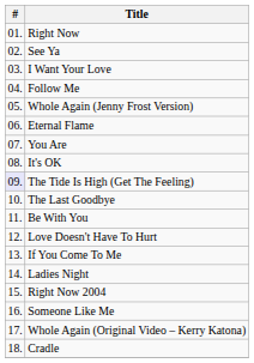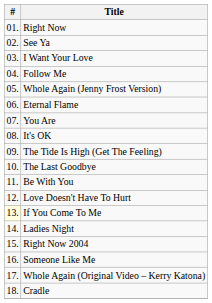 <table class="wikitable">
 <tr>
 <th bgcolor="#ebf5ff">#</th>
 <th bgcolor="#ebf5ff">Title</th>
 </tr>
 <tr>
 <td>01.</td>
 <td>Right Now</td>
 </tr>
 <tr>
 <td>02.</td>
 <td>See Ya</td>
 </tr>
 <tr>
 <td>03.</td>
 <td>I Want Your Love</td>
 </tr>
 <tr>
 <td>04.</td>
 <td>Follow Me</td>
 </tr>
 <tr>
 <td>05.</td>
 <td>Whole Again (Jenny Frost Version)</td>
 </tr>
 <tr>
 <td>06.</td>
 <td>Eternal Flame</td>
 </tr>
 <tr>
 <td>07.</td>
 <td>You Are</td>
 </tr>
 <tr>
 <td>08.</td>
 <td>It's OK</td>
 </tr>
 <tr>
-<td style="background: lavender;">09.</td>
+<td>09.</td>
 <td>The Tide Is High (Get The Feeling)</td>
 </tr>
 <tr>
 <td>10.</td>
 <td>The Last Goodbye</td>
 </tr>
 <tr>
 <td>11.</td>
 <td>Be With You</td>
 </tr>
 <tr>
 <td>12.</td>
 <td>Love Doesn't Have To Hurt</td>
 </tr>
 <tr>
-<td>13.</td>
+<td style="background: lightyellow;">13.</td>
 <td>If You Come To Me</td>
 </tr>
 <tr>
 <td>14.</td>
 <td>Ladies Night</td>
 </tr>
 <tr>
 <td>15.</td>
 <td>Right Now 2004</td>
 </tr>
 <tr>
 <td>16.</td>
 <td>Someone Like Me</td>
 </tr>
 <tr>
 <td>17.</td>
 <td>Whole Again (Original Video – Kerry Katona)</td>
 </tr>
 <tr>
 <td>18.</td>
 <td>Cradle</td>
 </tr>
 <tr>
 </tr>
 </table>
